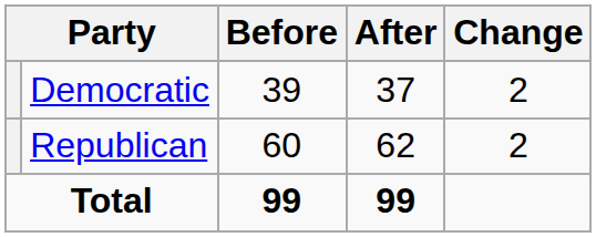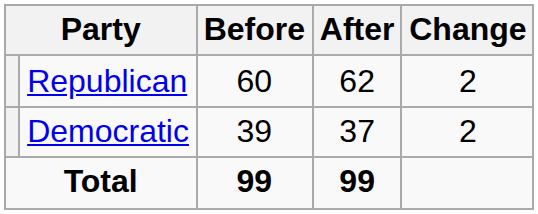 <table class="wikitable" style="text-align:center;">
 <tr>
 <th colspan="2">Party</th>
 <th>Before</th>
 <th>After</th>
 <th>Change</th>
 </tr>
 <tr>
 <th style="background-color:"></th>
-<td style="text-align:left;"><a href='#'>Democratic</a></td>
-<td>39</td>
-<td>37</td>
+<td style="text-align:left;"><a href='#'>Republican</a></td>
+<td>60</td>
+<td>62</td>
 <td> 2</td>
 </tr>
 <tr>
 <th style="background-color:"></th>
-<td style="text-align:left;"><a href='#'>Republican</a></td>
-<td>60</td>
-<td>62</td>
+<td style="text-align:left;"><a href='#'>Democratic</a></td>
+<td>39</td>
+<td>37</td>
 <td> 2</td>
 </tr>
 <tr>
 <td colspan="2"><strong>Total</strong></td>
 <td><strong>99</strong></td>
 <td><strong>99</strong></td>
 <td></td>
 </tr>
 </table>
